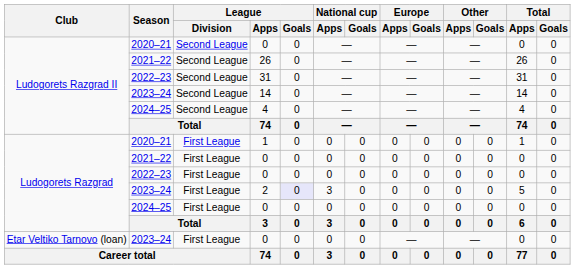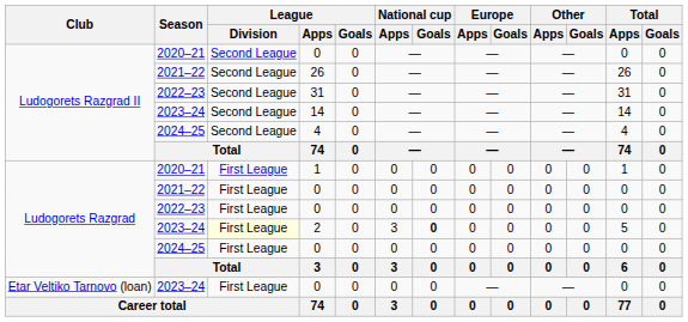 <table class="wikitable" style="text-align: center">
 <tr>
 <th rowspan="2">Club</th>
 <th rowspan="2">Season</th>
 <th colspan="3">League</th>
 <th colspan="2">National cup</th>
 <th colspan="2">Europe</th>
 <th colspan="2">Other</th>
 <th colspan="2">Total</th>
 </tr>
 <tr>
 <th>Division</th>
 <th>Apps</th>
 <th>Goals</th>
 <th>Apps</th>
 <th>Goals</th>
 <th>Apps</th>
 <th>Goals</th>
 <th>Apps</th>
 <th>Goals</th>
 <th>Apps</th>
 <th>Goals</th>
 </tr>
 <tr>
 <td rowspan="6"><a href='#'>Ludogorets Razgrad II</a></td>
 <td><a href='#'>2020–21</a></td>
 <td><a href='#'>Second League</a></td>
 <td>0</td>
 <td>0</td>
 <td colspan="2">—</td>
 <td colspan="2">—</td>
 <td colspan="2">—</td>
 <td>0</td>
 <td>0</td>
 </tr>
 <tr>
 <td><a href='#'>2021–22</a></td>
 <td>Second League</td>
 <td>26</td>
 <td>0</td>
 <td colspan="2">—</td>
 <td colspan="2">—</td>
 <td colspan="2">—</td>
 <td>26</td>
 <td>0</td>
 </tr>
 <tr>
 <td><a href='#'>2022–23</a></td>
 <td>Second League</td>
 <td>31</td>
 <td>0</td>
 <td colspan="2">—</td>
 <td colspan="2">—</td>
 <td colspan="2">—</td>
 <td>31</td>
 <td>0</td>
 </tr>
 <tr>
 <td><a href='#'>2023–24</a></td>
 <td>Second League</td>
 <td>14</td>
 <td>0</td>
 <td colspan="2">—</td>
 <td colspan="2">—</td>
 <td colspan="2">—</td>
 <td>14</td>
 <td>0</td>
 </tr>
 <tr>
 <td><a href='#'>2024–25</a></td>
 <td>Second League</td>
 <td>4</td>
 <td>0</td>
 <td colspan="2">—</td>
 <td colspan="2">—</td>
 <td colspan="2">—</td>
 <td>4</td>
 <td>0</td>
 </tr>
 <tr>
 <th colspan="2">Total</th>
 <th>74</th>
 <th>0</th>
 <th colspan="2">—</th>
 <th colspan="2">—</th>
 <th colspan="2">—</th>
 <th>74</th>
 <th>0</th>
 </tr>
 <tr>
 <td rowspan="6"><a href='#'>Ludogorets Razgrad</a></td>
 <td><a href='#'>2020–21</a></td>
 <td><a href='#'>First League</a></td>
 <td>1</td>
 <td>0</td>
 <td>0</td>
 <td>0</td>
 <td>0</td>
 <td>0</td>
 <td>0</td>
 <td>0</td>
 <td>1</td>
 <td>0</td>
 </tr>
 <tr>
 <td><a href='#'>2021–22</a></td>
 <td>First League</td>
 <td>0</td>
 <td>0</td>
 <td>0</td>
 <td>0</td>
 <td>0</td>
 <td>0</td>
 <td>0</td>
 <td>0</td>
 <td>0</td>
 <td>0</td>
 </tr>
 <tr>
 <td><a href='#'>2022–23</a></td>
 <td>First League</td>
 <td>0</td>
 <td>0</td>
 <td>0</td>
 <td>0</td>
 <td>0</td>
 <td>0</td>
 <td>0</td>
 <td>0</td>
 <td>0</td>
 <td>0</td>
 </tr>
 <tr>
 <td><a href='#'>2023–24</a></td>
-<td>First League</td>
+<td style="background: lightyellow;">First League</td>
 <td>2</td>
-<td style="background: lavender;">0</td>
+<td>0</td>
 <td>3</td>
-<td>0</td>
+<td><strong>0</strong></td>
 <td>0</td>
 <td>0</td>
 <td>0</td>
 <td>0</td>
 <td>5</td>
 <td>0</td>
 </tr>
 <tr>
 <td><a href='#'>2024–25</a></td>
 <td>First League</td>
 <td>0</td>
 <td>0</td>
 <td>0</td>
 <td>0</td>
 <td>0</td>
 <td>0</td>
 <td>0</td>
 <td>0</td>
 <td>0</td>
 <td>0</td>
 </tr>
 <tr>
 <th colspan="2">Total</th>
 <th>3</th>
 <th>0</th>
 <th>3</th>
 <th>0</th>
 <th>0</th>
 <th>0</th>
 <th>0</th>
 <th>0</th>
 <th>6</th>
 <th>0</th>
 </tr>
 <tr>
 <td><a href='#'>Etar Veltiko Tarnovo</a> (loan)</td>
 <td><a href='#'>2023–24</a></td>
 <td>First League</td>
 <td>0</td>
 <td>0</td>
 <td>0</td>
 <td>0</td>
 <td colspan="2">—</td>
 <td colspan="2">—</td>
 <td>0</td>
 <td>0</td>
 </tr>
 <tr>
 <th colspan="3">Career total</th>
 <th>74</th>
 <th>0</th>
 <th>3</th>
 <th>0</th>
 <th>0</th>
 <th>0</th>
 <th>0</th>
 <th>0</th>
 <th>77</th>
 <th>0</th>
 </tr>
 </table>
